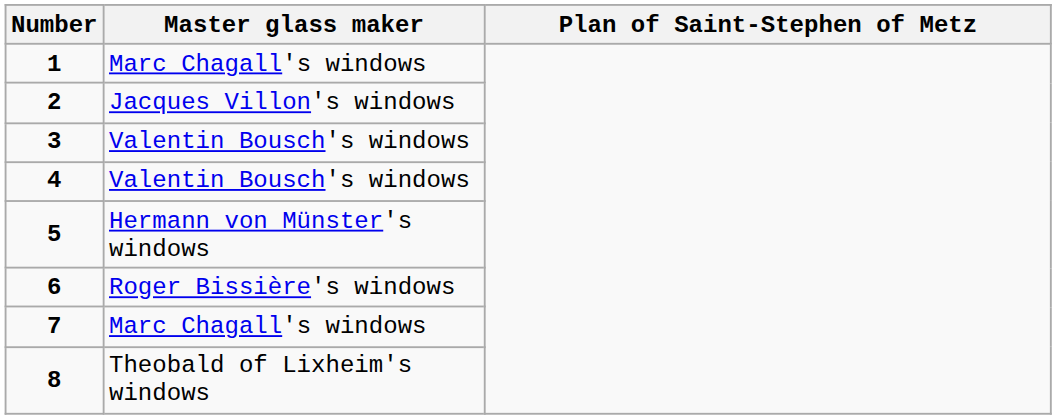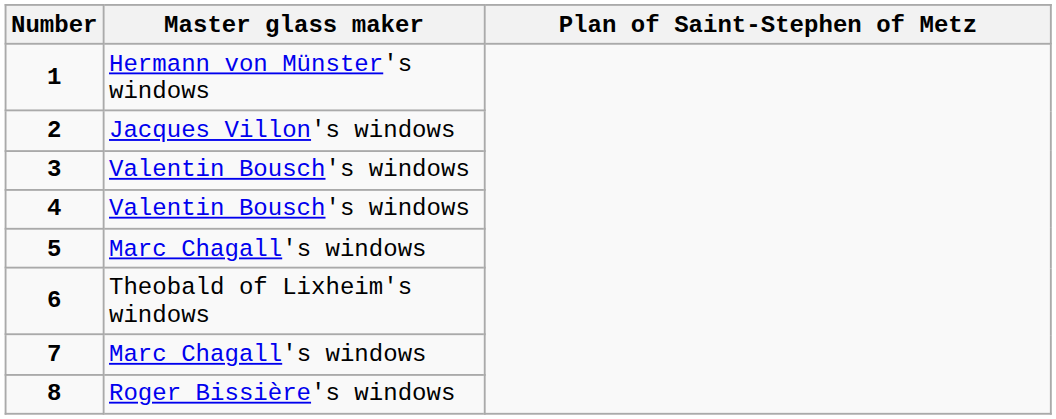 <table class="wikitable" style="margin:1em auto;">
 <tr style="background:#efefef;">
 <th style="width:40px; text-align:center;">Number</th>
 <th style="width:200px; text-align:center;">Master glass maker</th>
 <th style="width:300px; text-align:center;">Plan of Saint-Stephen of Metz</th>
 </tr>
 <tr>
 <td style="text-align:center;"><strong>1</strong></td>
-<td style="text-align:left;"><a href='#'>Marc Chagall</a>'s windows</td>
+<td style="text-align:left;"><a href='#'>Hermann von Münster</a>'s windows</td>
 <td rowspan="8" style="text-align:center;"><br>        </td>
 </tr>
 <tr>
 <td style="text-align:center;"><strong>2</strong></td>
 <td style="text-align:left;"><a href='#'>Jacques Villon</a>'s windows</td>
 </tr>
 <tr>
 <td style="text-align:center;"><strong>3</strong></td>
 <td style="text-align:left;"><a href='#'>Valentin Bousch</a>'s windows</td>
 </tr>
 <tr>
 <td style="text-align:center;"><strong>4</strong></td>
 <td style="text-align:left;"><a href='#'>Valentin Bousch</a>'s windows</td>
 </tr>
 <tr>
 <td style="text-align:center;"><strong>5</strong></td>
-<td style="text-align:left;"><a href='#'>Hermann von Münster</a>'s windows</td>
+<td style="text-align:left;"><a href='#'>Marc Chagall</a>'s windows</td>
 </tr>
 <tr>
 <td style="text-align:center;"><strong>6</strong></td>
-<td style="text-align:left;"><a href='#'>Roger Bissière</a>'s windows</td>
+<td style="text-align:left;">Theobald of Lixheim's windows</td>
 </tr>
 <tr>
 <td style="text-align:center;"><strong>7</strong></td>
 <td style="text-align:left;"><a href='#'>Marc Chagall</a>'s windows</td>
 </tr>
 <tr>
 <td style="text-align:center;"><strong>8</strong></td>
-<td style="text-align:left;">Theobald of Lixheim's windows</td>
+<td style="text-align:left;"><a href='#'>Roger Bissière</a>'s windows</td>
 </tr>
 </table>
